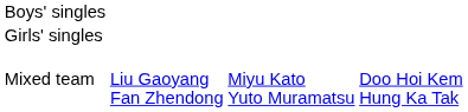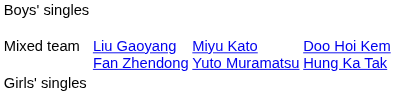 <table>
 <tr>
 <td>Boys' singles<br></td>
-<td></td>
-<td></td>
-<td></td>
-</tr>
-<tr>
-<td>Girls' singles<br></td>
 <td></td>
 <td></td>
 <td></td>
 </tr>
 <tr>
 <td>Mixed team<br></td>
 <td> <br> <a href='#'>Liu Gaoyang</a> <br> <a href='#'>Fan Zhendong</a></td>
 <td> <br> <a href='#'>Miyu Kato</a> <br> <a href='#'>Yuto Muramatsu</a></td>
 <td> <br> <a href='#'>Doo Hoi Kem</a> <br> <a href='#'>Hung Ka Tak</a></td>
 </tr>
+<tr>
+<td>Girls' singles<br></td>
+<td></td>
+<td></td>
+<td></td>
+</tr>
 </table>
